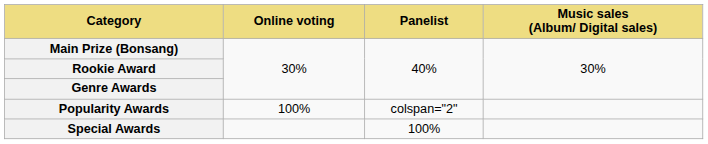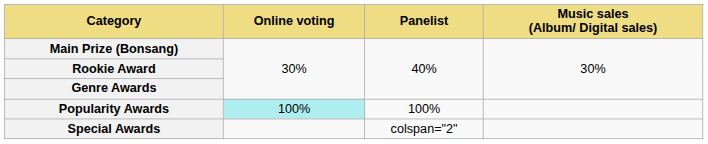 <table class="wikitable" style="text-align:center; width:70%">
 <tr>
 <th scope="col" style="background:#EEDD82">Category</th>
 <th scope="col" style="background:#EEDD82">Online voting</th>
 <th scope="col" style="background:#EEDD82">Panelist</th>
 <th scope="col" style="background:#EEDD82">Music sales<br>(Album/ Digital sales)</th>
 </tr>
 <tr>
 <th scope="col">Main Prize (Bonsang)</th>
 <td rowspan="3">30%</td>
 <td rowspan="3">40%</td>
 <td rowspan="3">30%</td>
 </tr>
 <tr>
 <th scope="col">Rookie Award</th>
 </tr>
 <tr>
 <th scope="col">Genre Awards</th>
 </tr>
 <tr>
 <th scope="col">Popularity Awards</th>
+<td style="background: paleturquoise;">100%</td>
 <td>100%</td>
-<td>colspan="2" </td>
 </tr>
 <tr>
 <th scope="col">Special Awards</th>
 <td></td>
-<td>100%</td>
+<td>colspan="2" </td>
 <td></td>
 </tr>
 </table>
